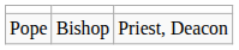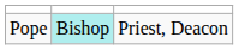 <table class="wikitable">
 <tr style="background-color:white">
 <td></td>
 <td></td>
 <td></td>
 </tr>
 <tr style="text-align:center">
 <td>Pope</td>
-<td>Bishop</td>
+<td style="background: paleturquoise;">Bishop</td>
 <td>Priest, Deacon</td>
 </tr>
 </table>
